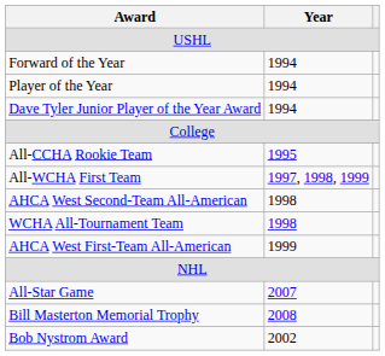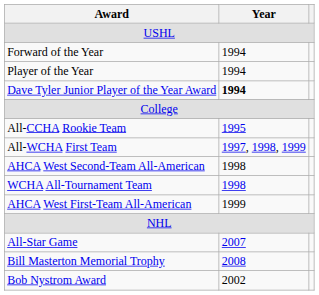 <table class="wikitable">
 <tr>
 <th>Award</th>
 <th>Year</th>
 <th></th>
 </tr>
 <tr ALIGN="center" bgcolor="#e0e0e0">
 <td colspan="3"><a href='#'>USHL</a></td>
 </tr>
 <tr>
 <td>Forward of the Year</td>
 <td>1994</td>
 <td></td>
 </tr>
 <tr>
 <td>Player of the Year</td>
 <td>1994</td>
 <td></td>
 </tr>
 <tr>
 <td><a href='#'>Dave Tyler Junior Player of the Year Award</a></td>
-<td>1994</td>
+<td><strong>1994</strong></td>
 <td></td>
 </tr>
 <tr ALIGN="center" bgcolor="#e0e0e0">
 <td colspan="3"><a href='#'>College</a></td>
 </tr>
 <tr>
 <td>All-<a href='#'>CCHA</a> <a href='#'>Rookie Team</a></td>
 <td><a href='#'>1995</a></td>
 <td></td>
 </tr>
 <tr>
 <td>All-<a href='#'>WCHA</a> <a href='#'>First Team</a></td>
 <td><a href='#'>1997</a>, <a href='#'>1998</a>, <a href='#'>1999</a></td>
 <td></td>
 </tr>
 <tr>
 <td><a href='#'>AHCA</a> <a href='#'>West Second-Team All-American</a></td>
 <td>1998</td>
 <td></td>
 </tr>
 <tr>
 <td><a href='#'>WCHA</a> <a href='#'>All-Tournament Team</a></td>
 <td><a href='#'>1998</a></td>
 <td></td>
 </tr>
 <tr>
 <td><a href='#'>AHCA</a> <a href='#'>West First-Team All-American</a></td>
 <td>1999</td>
 <td></td>
 </tr>
 <tr ALIGN="center" bgcolor="#e0e0e0">
 <td colspan="3"><a href='#'>NHL</a></td>
 </tr>
 <tr>
 <td><a href='#'>All-Star Game</a></td>
 <td><a href='#'>2007</a></td>
 <td></td>
 </tr>
 <tr>
 <td><a href='#'>Bill Masterton Memorial Trophy</a></td>
 <td><a href='#'>2008</a></td>
 <td></td>
 </tr>
 <tr>
 <td><a href='#'>Bob Nystrom Award</a></td>
 <td>2002</td>
 <td></td>
 </tr>
 </table>
